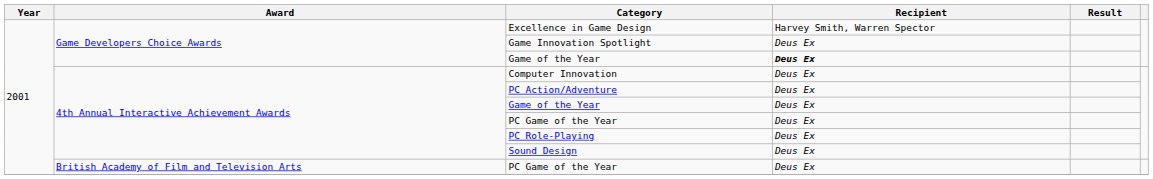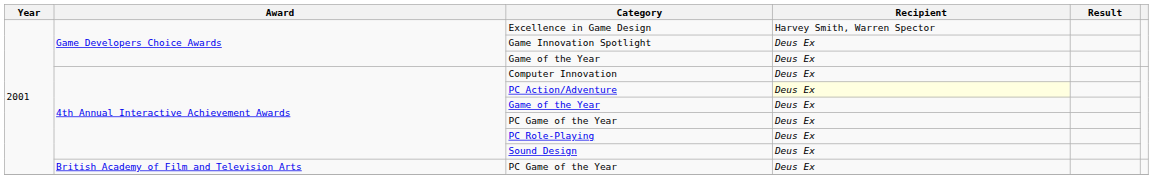 <table class="wikitable sortable mw-collapsible" style="width:99%;">
 <tr>
 <th>Year</th>
 <th>Award</th>
 <th>Category</th>
 <th>Recipient</th>
 <th>Result</th>
 <th class="unsortable"></th>
 </tr>
 <tr>
 <td rowspan="10">2001</td>
 <td rowspan="3"><a href='#'>Game Developers Choice Awards</a></td>
 <td>Excellence in Game Design</td>
 <td>Harvey Smith, Warren Spector</td>
 <td></td>
 <td rowspan="3" style="text-align:center;"></td>
 </tr>
 <tr>
 <td>Game Innovation Spotlight</td>
 <td><em>Deus Ex</em></td>
 <td></td>
 </tr>
 <tr>
 <td>Game of the Year</td>
-<td><strong><em>Deus Ex</em></strong></td>
+<td><em>Deus Ex</em></td>
 <td></td>
 </tr>
 <tr>
 <td rowspan="6"><a href='#'>4th Annual Interactive Achievement Awards</a></td>
 <td>Computer Innovation</td>
 <td><em>Deus Ex</em></td>
 <td></td>
 <td rowspan="6" style="text-align:center;"></td>
 </tr>
 <tr>
 <td><a href='#'>PC Action/Adventure</a></td>
-<td><em>Deus Ex</em></td>
+<td style="background: lightyellow;"><em>Deus Ex</em></td>
 <td></td>
 </tr>
 <tr>
 <td><a href='#'>Game of the Year</a></td>
 <td><em>Deus Ex</em></td>
 <td></td>
 </tr>
 <tr>
 <td>PC Game of the Year</td>
 <td><em>Deus Ex</em></td>
 <td></td>
 </tr>
 <tr>
 <td><a href='#'>PC Role-Playing</a></td>
 <td><em>Deus Ex</em></td>
 <td></td>
 </tr>
 <tr>
 <td><a href='#'>Sound Design</a></td>
 <td><em>Deus Ex</em></td>
 <td></td>
 </tr>
 <tr>
 <td><a href='#'>British Academy of Film and Television Arts</a></td>
 <td>PC Game of the Year</td>
 <td><em>Deus Ex</em></td>
 <td></td>
 <td style="text-align:center;"></td>
 </tr>
 <tr>
 </tr>
 </table>
